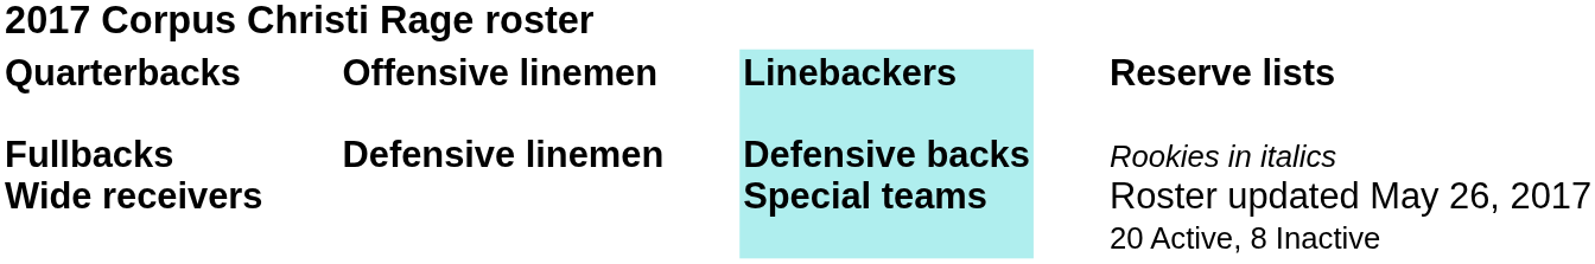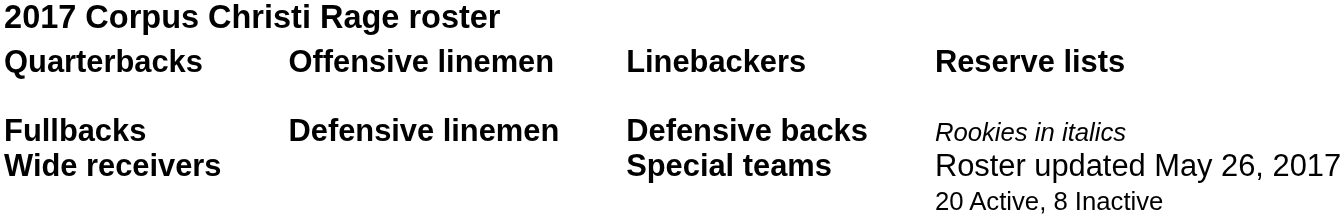 <table class="toccolours" style="text-align: left;">
 <tr>
 <th colspan="7"><strong>2017 Corpus Christi Rage roster</strong></th>
 </tr>
 <tr>
 <td style="font-size: 95%;vertical-align:top;"><strong>Quarterbacks</strong><br> <br><strong>Fullbacks</strong> <br><strong>Wide receivers</strong>    </td>
 <td style="width: 25px;"></td>
 <td style="font-size: 95%;vertical-align:top;"><strong>Offensive linemen</strong><br>  <br><strong>Defensive linemen</strong>    </td>
 <td style="width: 25px;"></td>
-<td style="background: paleturquoise; font-size: 95%;vertical-align:top;"><strong>Linebackers</strong><br><br><strong>Defensive backs</strong>    <br><strong>Special teams</strong> </td>
+<td style="font-size: 95%;vertical-align:top;"><strong>Linebackers</strong><br><br><strong>Defensive backs</strong>    <br><strong>Special teams</strong> </td>
 <td style="width: 25px;"></td>
 <td style="font-size: 95%;vertical-align:top;"><strong>Reserve lists</strong><br>       <br><small><em>Rookies in italics</em></small><br> Roster updated May 26, 2017<br> <small>20 Active, 8 Inactive</small></td>
 </tr>
 </table>
